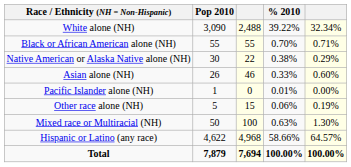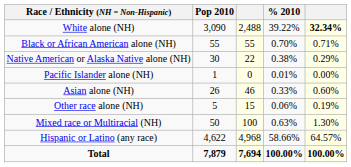 <table class="wikitable" style="text-align:center;">
 <tr>
 <th>Race / Ethnicity <small>(<em>NH = Non-Hispanic</em>)</small></th>
 <th>Pop 2010</th>
 <th></th>
 <th>% 2010</th>
 <th></th>
 </tr>
 <tr>
 <td><a href='#'>White</a> alone (NH)</td>
 <td>3,090</td>
 <td style='background: #ffffe6;'>2,488</td>
 <td>39.22%</td>
-<td style='background: #ffffe6;'>32.34%</td>
+<td style='background: #ffffe6;'><strong>32.34%</strong></td>
 </tr>
 <tr>
 <td><a href='#'>Black or African American</a> alone (NH)</td>
 <td>55</td>
 <td style='background: #ffffe6;'>55</td>
 <td>0.70%</td>
 <td style='background: #ffffe6;'>0.71%</td>
 </tr>
 <tr>
 <td><a href='#'>Native American</a> or <a href='#'>Alaska Native</a> alone (NH)</td>
 <td>30</td>
 <td style='background: #ffffe6;'>22</td>
 <td>0.38%</td>
 <td style='background: #ffffe6;'>0.29%</td>
 </tr>
 <tr>
+<td><a href='#'>Pacific Islander</a> alone (NH)</td>
+<td>1</td>
+<td style='background: #ffffe6;'>0</td>
+<td>0.01%</td>
+<td style='background: #ffffe6;'>0.00%</td>
+</tr>
+<tr>
 <td><a href='#'>Asian</a> alone (NH)</td>
 <td>26</td>
 <td style='background: #ffffe6;'>46</td>
 <td>0.33%</td>
 <td style='background: #ffffe6;'>0.60%</td>
-</tr>
-<tr>
-<td><a href='#'>Pacific Islander</a> alone (NH)</td>
-<td>1</td>
-<td style='background: #ffffe6;'>0</td>
-<td>0.01%</td>
-<td style='background: #ffffe6;'>0.00%</td>
 </tr>
 <tr>
 <td><a href='#'>Other race</a> alone (NH)</td>
 <td>5</td>
 <td style='background: #ffffe6;'>15</td>
 <td>0.06%</td>
 <td style='background: #ffffe6;'>0.19%</td>
 </tr>
 <tr>
 <td><a href='#'>Mixed race or Multiracial</a> (NH)</td>
 <td>50</td>
 <td style='background: #ffffe6;'>100</td>
 <td>0.63%</td>
 <td style='background: #ffffe6;'>1.30%</td>
 </tr>
 <tr>
 <td><a href='#'>Hispanic or Latino</a> (any race)</td>
 <td>4,622</td>
 <td style='background: #ffffe6;'>4,968</td>
 <td>58.66%</td>
 <td style='background: #ffffe6;'>64.57%</td>
 </tr>
 <tr>
 <td><strong>Total</strong></td>
 <td><strong>7,879</strong></td>
 <td style='background: #ffffe6;'><strong>7,694</strong></td>
 <td><strong>100.00%</strong></td>
 <td style='background: #ffffe6;'><strong>100.00%</strong></td>
 </tr>
 </table>
